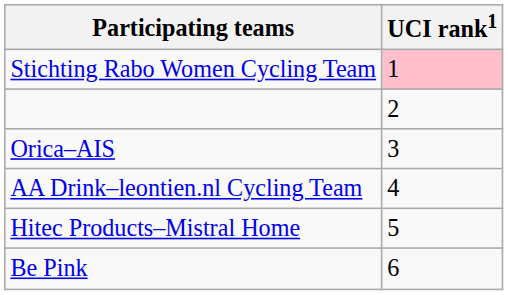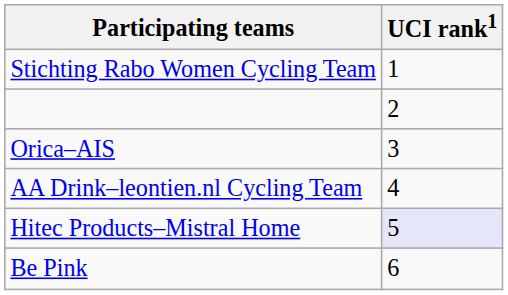 <table class="wikitable" style="font-size:95%; text-align:left;">
 <tr>
 <th>Participating teams</th>
 <th>UCI rank<sup>1</sup></th>
 </tr>
 <tr>
 <td><a href='#'>Stichting Rabo Women Cycling Team</a></td>
-<td style="background: pink;">1</td>
+<td>1</td>
 </tr>
 <tr>
 <td></td>
 <td>2</td>
 </tr>
 <tr>
 <td><a href='#'>Orica–AIS</a></td>
 <td>3</td>
 </tr>
 <tr>
 <td><a href='#'>AA Drink–leontien.nl Cycling Team</a></td>
 <td>4</td>
 </tr>
 <tr>
 <td><a href='#'>Hitec Products–Mistral Home</a></td>
-<td>5</td>
+<td style="background: lavender;">5</td>
 </tr>
 <tr>
 <td><a href='#'>Be Pink</a></td>
 <td>6</td>
 </tr>
 </table>
